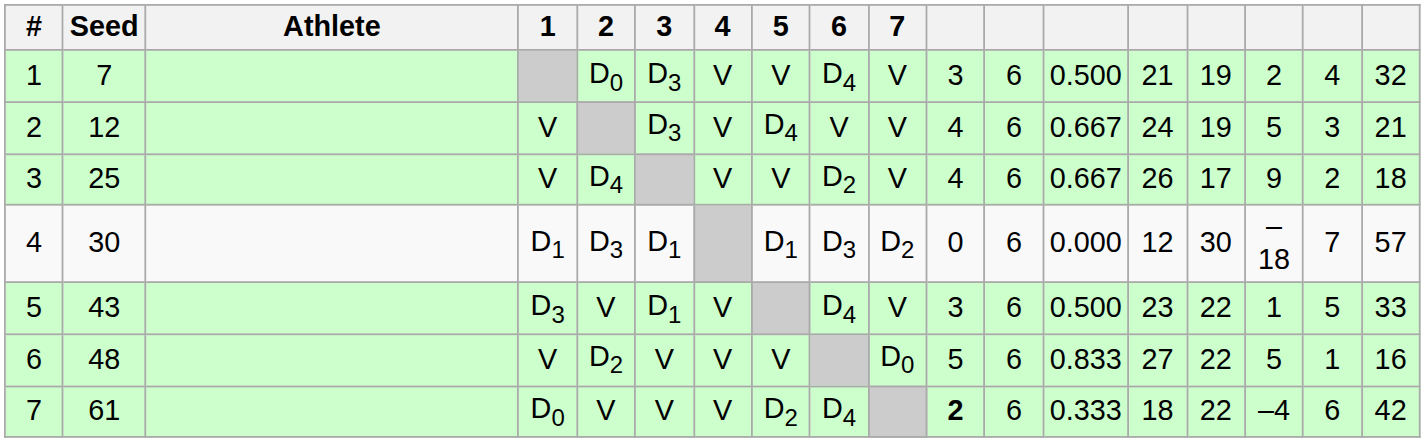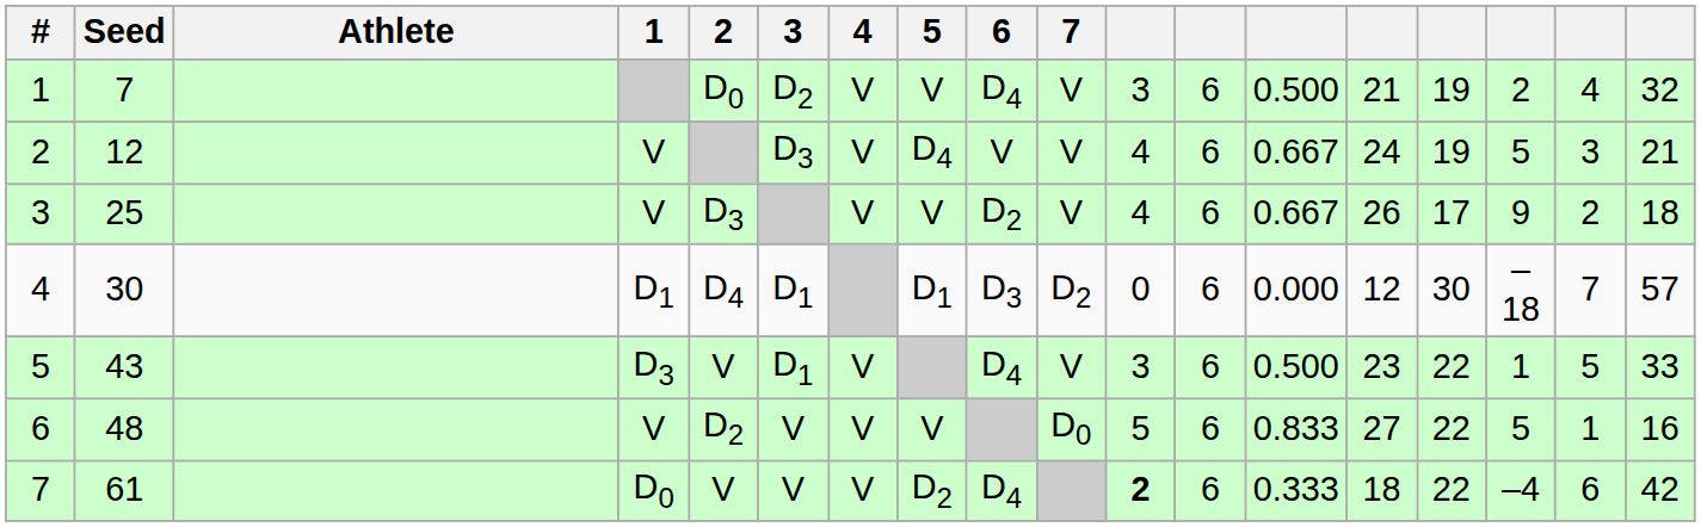 <table class="wikitable" style="text-align:center">
 <tr>
 <th width="25">#</th>
 <th width="25">Seed</th>
 <th width="200">Athlete</th>
 <th width="25">1</th>
 <th width="25">2</th>
 <th width="25">3</th>
 <th width="25">4</th>
 <th width="25">5</th>
 <th width="25">6</th>
 <th width="25">7</th>
 <th width="25"></th>
 <th width="25"></th>
 <th width="40"></th>
 <th width="25"></th>
 <th width="25"></th>
 <th width="25"></th>
 <th width="25"></th>
 <th width="25"></th>
 </tr>
 <tr bgcolor="#ccffcc">
 <td>1</td>
 <td>7</td>
 <td align=left></td>
 <td bgcolor="#cccccc"></td>
 <td>D<sub>0</sub></td>
-<td>D<sub>3</sub></td>
+<td>D<sub>2</sub></td>
 <td>V</td>
 <td>V</td>
 <td>D<sub>4</sub></td>
 <td>V</td>
 <td>3</td>
 <td>6</td>
 <td>0.500</td>
 <td>21</td>
 <td>19</td>
 <td>2</td>
 <td>4</td>
 <td>32</td>
 </tr>
 <tr bgcolor="#ccffcc">
 <td>2</td>
 <td>12</td>
 <td align=left></td>
 <td>V</td>
 <td bgcolor="#cccccc"></td>
 <td>D<sub>3</sub></td>
 <td>V</td>
 <td>D<sub>4</sub></td>
 <td>V</td>
 <td>V</td>
 <td>4</td>
 <td>6</td>
 <td>0.667</td>
 <td>24</td>
 <td>19</td>
 <td>5</td>
 <td>3</td>
 <td>21</td>
 </tr>
 <tr bgcolor="#ccffcc">
 <td>3</td>
 <td>25</td>
 <td align=left></td>
 <td>V</td>
-<td>D<sub>4</sub></td>
+<td>D<sub>3</sub></td>
 <td bgcolor="#cccccc"></td>
 <td>V</td>
 <td>V</td>
 <td>D<sub>2</sub></td>
 <td>V</td>
 <td>4</td>
 <td>6</td>
 <td>0.667</td>
 <td>26</td>
 <td>17</td>
 <td>9</td>
 <td>2</td>
 <td>18</td>
 </tr>
 <tr>
 <td>4</td>
 <td>30</td>
 <td align=left></td>
 <td>D<sub>1</sub></td>
-<td>D<sub>3</sub></td>
+<td>D<sub>4</sub></td>
 <td>D<sub>1</sub></td>
 <td bgcolor="#cccccc"></td>
 <td>D<sub>1</sub></td>
 <td>D<sub>3</sub></td>
 <td>D<sub>2</sub></td>
 <td>0</td>
 <td>6</td>
 <td>0.000</td>
 <td>12</td>
 <td>30</td>
 <td>–18</td>
 <td>7</td>
 <td>57</td>
 </tr>
 <tr bgcolor="#ccffcc">
 <td>5</td>
 <td>43</td>
 <td align=left></td>
 <td>D<sub>3</sub></td>
 <td>V</td>
 <td>D<sub>1</sub></td>
 <td>V</td>
 <td bgcolor="#cccccc"></td>
 <td>D<sub>4</sub></td>
 <td>V</td>
 <td>3</td>
 <td>6</td>
 <td>0.500</td>
 <td>23</td>
 <td>22</td>
 <td>1</td>
 <td>5</td>
 <td>33</td>
 </tr>
 <tr bgcolor="#ccffcc">
 <td>6</td>
 <td>48</td>
 <td align=left></td>
 <td>V</td>
 <td>D<sub>2</sub></td>
 <td>V</td>
 <td>V</td>
 <td>V</td>
 <td bgcolor="#cccccc"></td>
 <td>D<sub>0</sub></td>
 <td>5</td>
 <td>6</td>
 <td>0.833</td>
 <td>27</td>
 <td>22</td>
 <td>5</td>
 <td>1</td>
 <td>16</td>
 </tr>
 <tr bgcolor="#ccffcc">
 <td>7</td>
 <td>61</td>
 <td align=left></td>
 <td>D<sub>0</sub></td>
 <td>V</td>
 <td>V</td>
 <td>V</td>
 <td>D<sub>2</sub></td>
 <td>D<sub>4</sub></td>
 <td bgcolor="#cccccc"></td>
 <td><strong>2</strong></td>
 <td>6</td>
 <td>0.333</td>
 <td>18</td>
 <td>22</td>
 <td>–4</td>
 <td>6</td>
 <td>42</td>
 </tr>
 </table>
